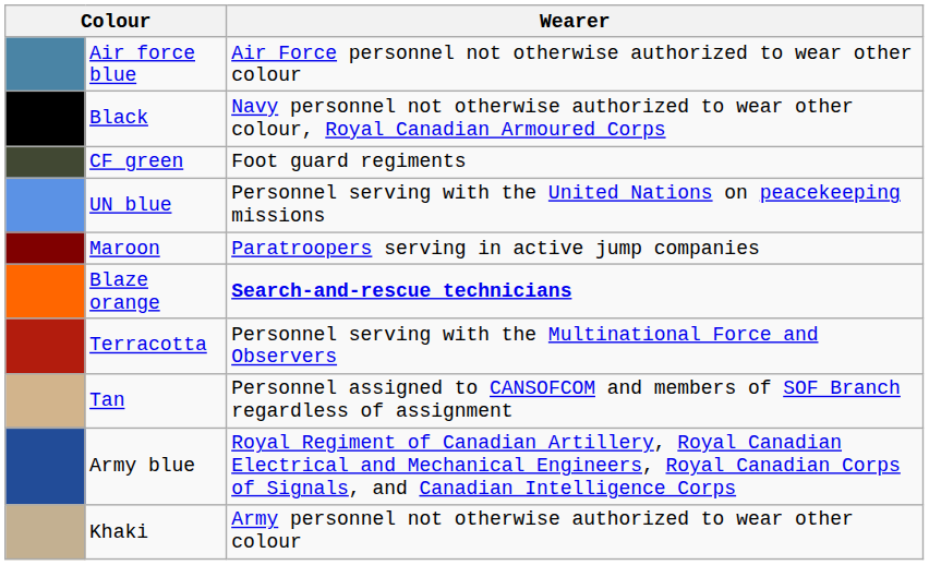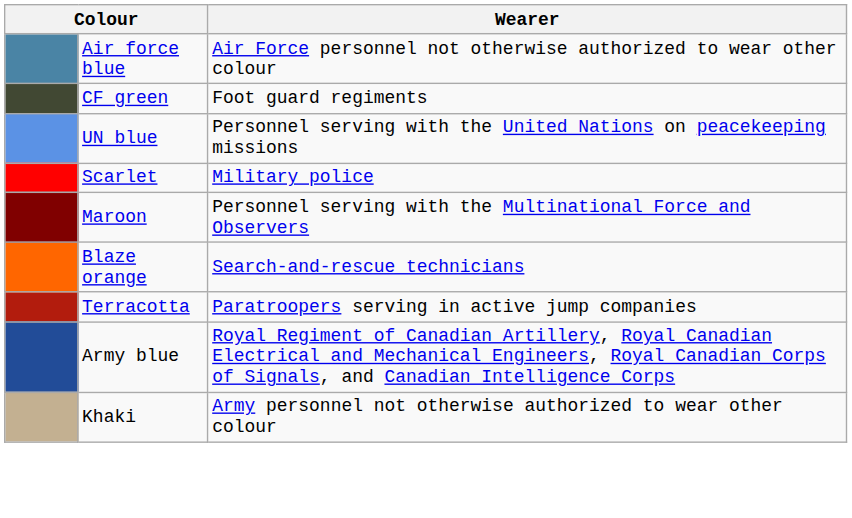 <table class="wikitable" border="0">
 <tr>
 <th colspan="2">Colour</th>
 <th>Wearer</th>
 </tr>
 <tr>
 <td style="background:#4A84A5;">      </td>
 <td><a href='#'>Air force blue</a></td>
 <td><a href='#'>Air Force</a> personnel not otherwise authorized to wear other colour</td>
-</tr>
-<tr>
-<td style="background:black;"></td>
-<td><a href='#'>Black</a></td>
-<td><a href='#'>Navy</a> personnel not otherwise authorized to wear other colour, <a href='#'>Royal Canadian Armoured Corps</a></td>
 </tr>
 <tr>
 <td style="background:#414833;"></td>
 <td><a href='#'>CF green</a></td>
 <td>Foot guard regiments</td>
 </tr>
 <tr>
 <td style="background:#5B92E5;"></td>
 <td><a href='#'>UN blue</a></td>
 <td>Personnel serving with the <a href='#'>United Nations</a> on <a href='#'>peacekeeping</a> missions</td>
 </tr>
 <tr>
+<td style="background:red"></td>
+<td><a href='#'>Scarlet</a></td>
+<td><a href='#'>Military police</a></td>
+</tr>
+<tr>
 <td style="background:#800000"></td>
 <td><a href='#'>Maroon</a></td>
-<td><a href='#'>Paratroopers</a> serving in active jump companies</td>
+<td>Personnel serving with the <a href='#'>Multinational Force and Observers</a></td>
 </tr>
 <tr>
 <td style="background:#FF6600"></td>
 <td><a href='#'>Blaze orange</a></td>
-<td><strong><a href='#'>Search-and-rescue technicians</a></strong></td>
+<td><a href='#'>Search-and-rescue technicians</a></td>
 </tr>
 <tr>
 <td style="background:#b21c0d"></td>
 <td><a href='#'>Terracotta</a></td>
-<td>Personnel serving with the <a href='#'>Multinational Force and Observers</a></td>
-</tr>
-<tr>
-<td style="background:tan"></td>
-<td><a href='#'>Tan</a></td>
-<td>Personnel assigned to <a href='#'>CANSOFCOM</a> and members of <a href='#'>SOF Branch</a> regardless of assignment</td>
+<td><a href='#'>Paratroopers</a> serving in active jump companies</td>
 </tr>
 <tr>
 <td style="background:#224C98"></td>
 <td>Army blue</td>
 <td><a href='#'>Royal Regiment of Canadian Artillery</a>, <a href='#'>Royal Canadian Electrical and Mechanical Engineers</a>, <a href='#'>Royal Canadian Corps of Signals</a>, and <a href='#'>Canadian Intelligence Corps</a></td>
 </tr>
 <tr>
 <td style="background:#C3B091"></td>
 <td>Khaki</td>
 <td><a href='#'>Army</a> personnel not otherwise authorized to wear other colour</td>
 </tr>
 </table>
